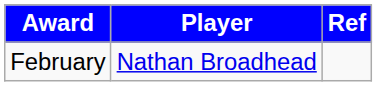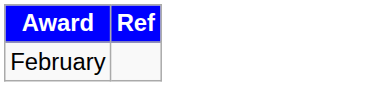 <table class="wikitable" style="text-align:center">
 <tr>
 <th style="background:blue; color:white; width=0%">Award</th>
-<th style="background:blue; color:white; width=0%">Player</th>
 <th style="background:blue; color:white; width=0%">Ref</th>
 </tr>
 <tr>
 <td>February</td>
-<td> <a href='#'>Nathan Broadhead</a></td>
 <td></td>
 </tr>
 </table>
